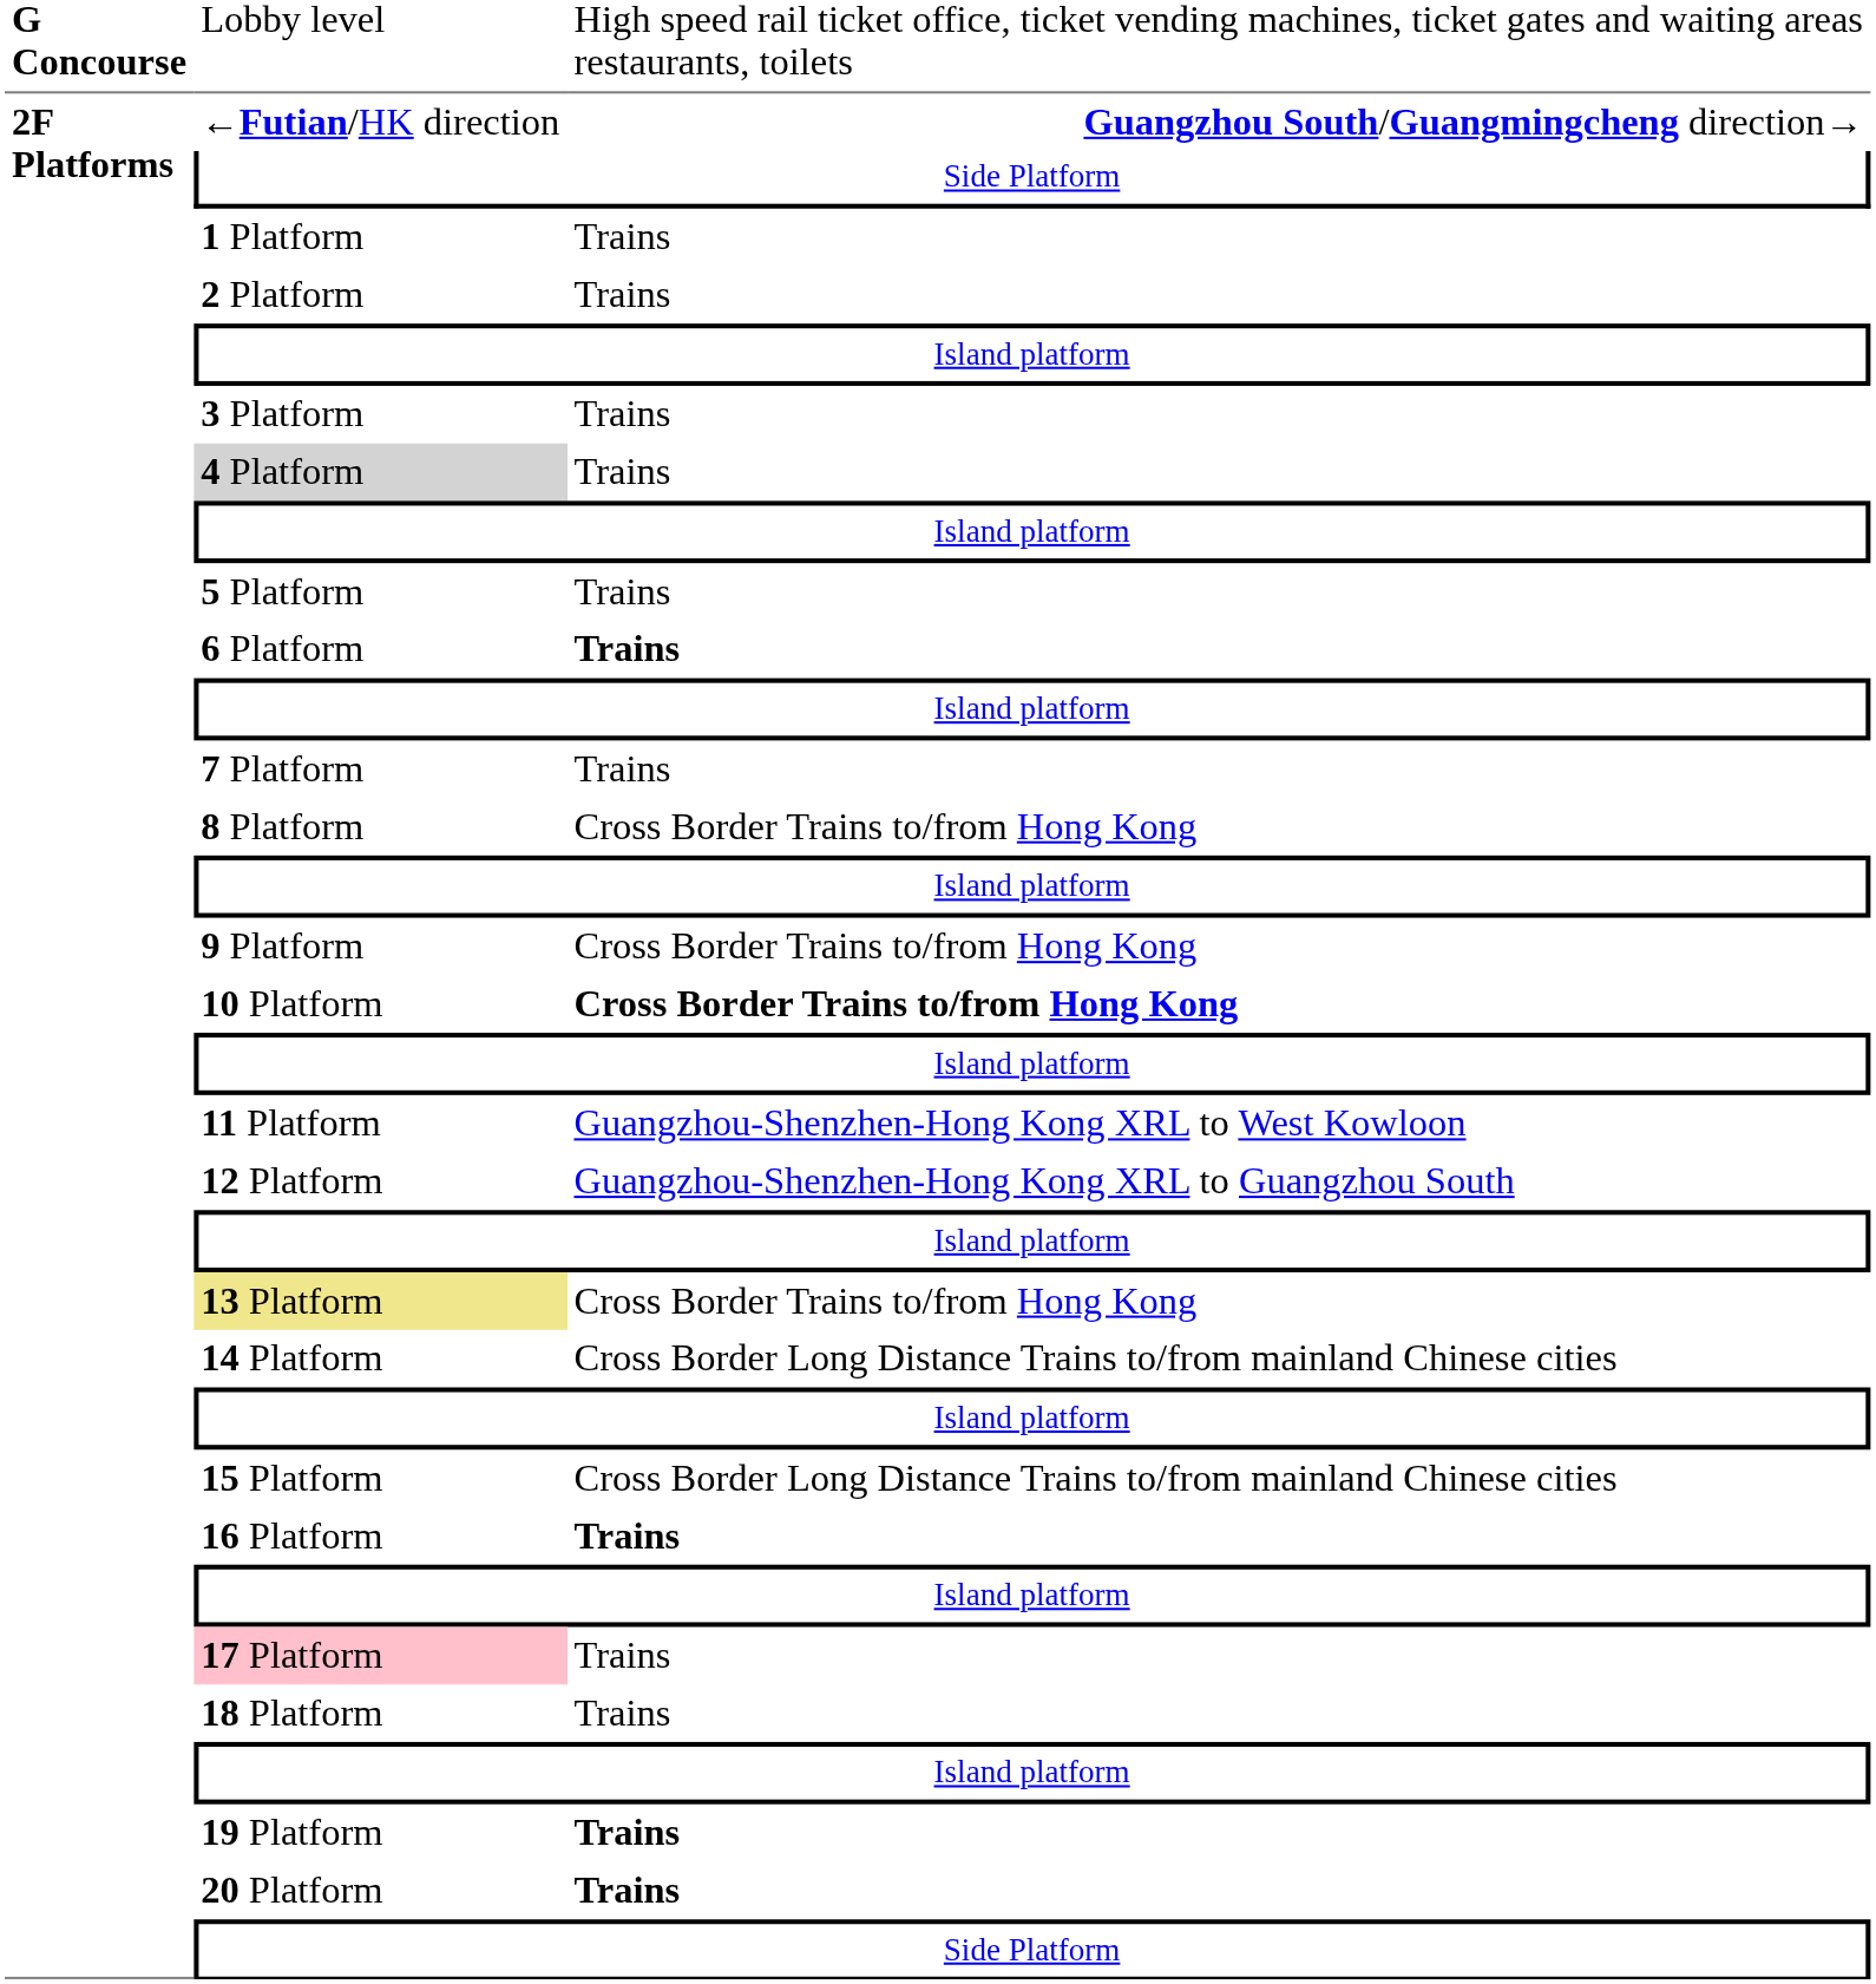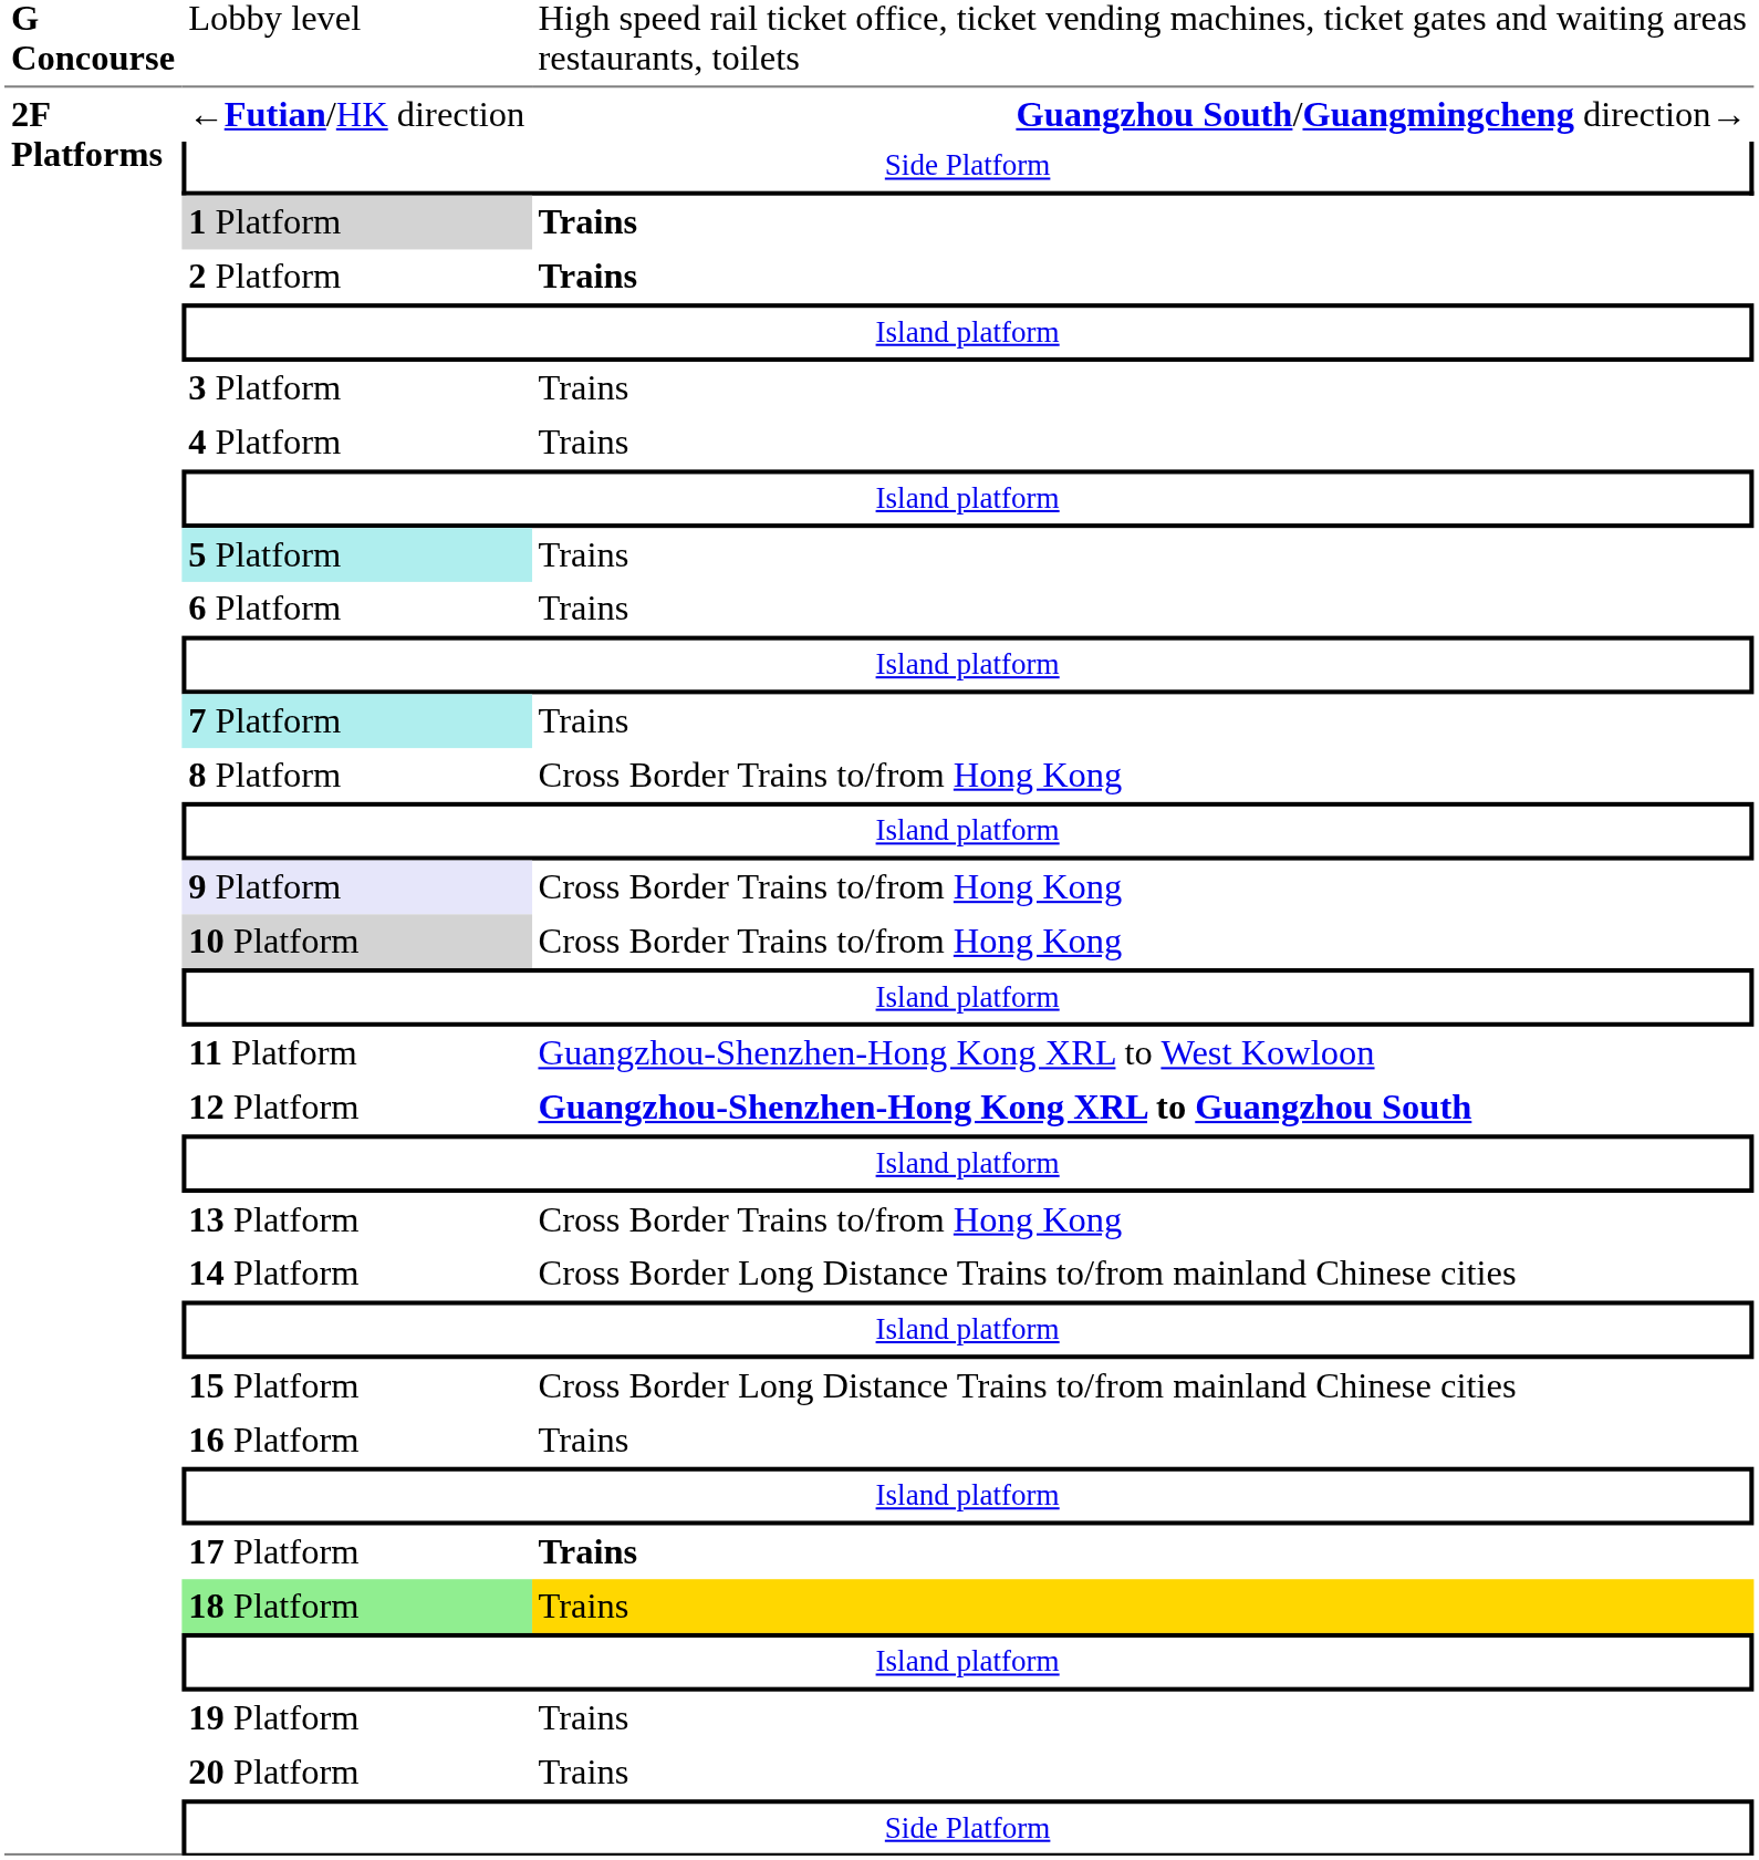 <table cellspacing=0 cellpadding=3>
 <tr style="vertical-align:top;">
 <td style="border-bottom:solid 1px gray; "><strong>G<br>Concourse</strong></td>
 <td style="border-bottom:solid 1px gray; ">Lobby level</td>
 <td style="border-bottom:solid 1px gray; ">High speed rail ticket office, ticket vending machines, ticket gates and waiting areas<br>restaurants, toilets</td>
 </tr>
 <tr>
 <td rowspan="33" style="border-bottom:solid 1px gray; vertical-align:top;"><strong>2F</strong><br><strong>Platforms</strong></td>
 </tr>
 <tr>
 <td>←<a href='#'><strong>Futian</strong></a>/<a href='#'>HK</a> direction</td>
 <td align=right><a href='#'><strong>Guangzhou South</strong></a>/<a href='#'><strong>Guangmingcheng</strong></a> direction→</td>
 </tr>
 <tr>
 <td style="border-right:solid 2px black;border-left:solid 2px black;border-bottom:solid 2px black;font-size:smaller;text-align:center;" colspan=2><a href='#'>Side Platform</a></td>
 </tr>
 <tr>
-<td><span><strong>1</strong></span> Platform</td>
-<td>Trains</td>
+<td style="background: lightgrey;"><span><strong>1</strong></span> Platform</td>
+<td><strong>Trains</strong></td>
 </tr>
 <tr>
 <td><span><strong>2</strong></span> Platform</td>
-<td>Trains</td>
+<td><strong>Trains</strong></td>
 </tr>
 <tr>
 <td style="border-top:solid 2px black;border-right:solid 2px black;border-left:solid 2px black;border-bottom:solid 2px black;font-size:smaller;text-align:center;" colspan=2><a href='#'>Island platform</a></td>
 </tr>
 <tr>
 <td><span><strong>3</strong></span> Platform</td>
 <td>Trains</td>
 </tr>
 <tr>
-<td style="background: lightgrey;"><span><strong>4</strong></span> Platform</td>
+<td><span><strong>4</strong></span> Platform</td>
 <td>Trains</td>
 </tr>
 <tr>
 <td style="border-top:solid 2px black;border-right:solid 2px black;border-left:solid 2px black;border-bottom:solid 2px black;font-size:smaller;text-align:center;" colspan=2><a href='#'>Island platform</a></td>
 </tr>
 <tr>
-<td><span><strong>5</strong></span> Platform</td>
+<td style="background: paleturquoise;"><span><strong>5</strong></span> Platform</td>
 <td>Trains</td>
 </tr>
 <tr>
 <td><span><strong>6</strong></span> Platform</td>
-<td><strong>Trains</strong></td>
+<td>Trains</td>
 </tr>
 <tr>
 <td style="border-top:solid 2px black;border-right:solid 2px black;border-left:solid 2px black;border-bottom:solid 2px black;font-size:smaller;text-align:center;" colspan=2><a href='#'>Island platform</a></td>
 </tr>
 <tr>
-<td><span><strong>7</strong></span> Platform</td>
+<td style="background: paleturquoise;"><span><strong>7</strong></span> Platform</td>
 <td>Trains</td>
 </tr>
 <tr>
 <td><span><strong>8</strong></span> Platform</td>
 <td>Cross Border Trains to/from <a href='#'>Hong Kong</a></td>
 </tr>
 <tr>
 <td style="border-top:solid 2px black;border-right:solid 2px black;border-left:solid 2px black;border-bottom:solid 2px black;font-size:smaller;text-align:center;" colspan=2><a href='#'>Island platform</a></td>
 </tr>
 <tr>
-<td><span><strong>9</strong></span> Platform</td>
+<td style="background: lavender;"><span><strong>9</strong></span> Platform</td>
 <td>Cross Border Trains to/from <a href='#'>Hong Kong</a></td>
 </tr>
 <tr>
-<td><span><strong>10</strong></span> Platform</td>
-<td><strong>Cross Border Trains to/from <a href='#'>Hong Kong</a></strong></td>
+<td style="background: lightgrey;"><span><strong>10</strong></span> Platform</td>
+<td>Cross Border Trains to/from <a href='#'>Hong Kong</a></td>
 </tr>
 <tr>
 <td style="border-top:solid 2px black;border-right:solid 2px black;border-left:solid 2px black;border-bottom:solid 2px black;font-size:smaller;text-align:center;" colspan=2><a href='#'>Island platform</a></td>
 </tr>
 <tr>
 <td><span><strong>11</strong></span> Platform</td>
 <td><a href='#'>Guangzhou-Shenzhen-Hong Kong XRL</a> to <a href='#'>West Kowloon</a></td>
 </tr>
 <tr>
 <td><span><strong>12</strong></span> Platform</td>
-<td><a href='#'>Guangzhou-Shenzhen-Hong Kong XRL</a> to <a href='#'>Guangzhou South</a></td>
+<td><strong><a href='#'>Guangzhou-Shenzhen-Hong Kong XRL</a> to <a href='#'>Guangzhou South</a></strong></td>
 </tr>
 <tr>
 <td style="border-top:solid 2px black;border-right:solid 2px black;border-left:solid 2px black;border-bottom:solid 2px black;font-size:smaller;text-align:center;" colspan=2><a href='#'>Island platform</a></td>
 </tr>
 <tr>
-<td style="background: khaki;"><span><strong>13</strong></span> Platform</td>
+<td><span><strong>13</strong></span> Platform</td>
 <td>Cross Border Trains to/from <a href='#'>Hong Kong</a></td>
 </tr>
 <tr>
 <td><span><strong>14</strong></span> Platform</td>
 <td>Cross Border Long Distance Trains to/from mainland Chinese cities</td>
 </tr>
 <tr>
 <td style="border-top:solid 2px black;border-right:solid 2px black;border-left:solid 2px black;border-bottom:solid 2px black;font-size:smaller;text-align:center;" colspan=2><a href='#'>Island platform</a></td>
 </tr>
 <tr>
 <td><span><strong>15</strong></span> Platform</td>
 <td>Cross Border Long Distance Trains to/from mainland Chinese cities</td>
 </tr>
 <tr>
 <td><span><strong>16</strong></span> Platform</td>
-<td><strong>Trains</strong></td>
-</tr>
-<tr>
-<td style="border-top:solid 2px black;border-right:solid 2px black;border-left:solid 2px black;border-bottom:solid 2px black;font-size:smaller;text-align:center;" colspan=2><a href='#'>Island platform</a></td>
-</tr>
-<tr>
-<td style="background: pink;"><span><strong>17</strong></span> Platform</td>
-<td>Trains</td>
-</tr>
-<tr>
-<td><span><strong>18</strong></span> Platform</td>
 <td>Trains</td>
 </tr>
 <tr>
 <td style="border-top:solid 2px black;border-right:solid 2px black;border-left:solid 2px black;border-bottom:solid 2px black;font-size:smaller;text-align:center;" colspan=2><a href='#'>Island platform</a></td>
 </tr>
 <tr>
-<td><span><strong>19</strong></span> Platform</td>
+<td><span><strong>17</strong></span> Platform</td>
 <td><strong>Trains</strong></td>
 </tr>
 <tr>
+<td style="background: lightgreen;"><span><strong>18</strong></span> Platform</td>
+<td style="background: gold;">Trains</td>
+</tr>
+<tr>
+<td style="border-top:solid 2px black;border-right:solid 2px black;border-left:solid 2px black;border-bottom:solid 2px black;font-size:smaller;text-align:center;" colspan=2><a href='#'>Island platform</a></td>
+</tr>
+<tr>
+<td><span><strong>19</strong></span> Platform</td>
+<td>Trains</td>
+</tr>
+<tr>
 <td><span><strong>20</strong></span> Platform</td>
-<td><strong>Trains</strong></td>
+<td>Trains</td>
 </tr>
 <tr>
 <td style="border-top:solid 2px black;border-right:solid 2px black;border-left:solid 2px black;border-bottom:solid 1px black;font-size:smaller;text-align:center;" colspan=2><a href='#'>Side Platform</a></td>
 </tr>
 </table>
